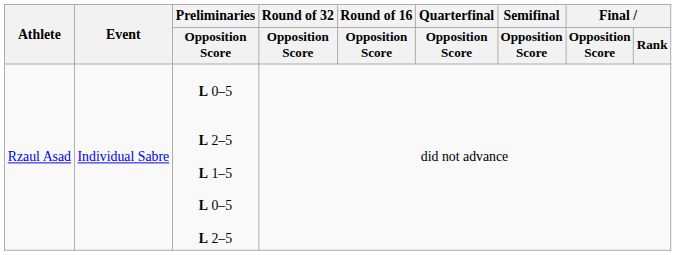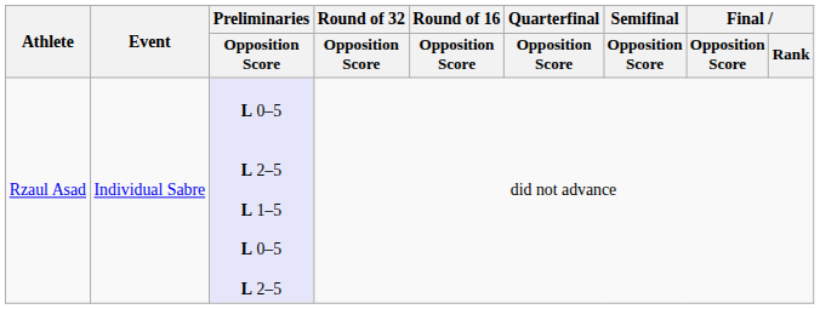 <table class="wikitable" style="font-size:90%">
 <tr>
 <th rowspan="2">Athlete</th>
 <th rowspan="2">Event</th>
 <th>Preliminaries</th>
 <th>Round of 32</th>
 <th>Round of 16</th>
 <th>Quarterfinal</th>
 <th>Semifinal</th>
 <th colspan=2>Final / </th>
 </tr>
 <tr style="font-size:95%">
 <th>Opposition <br> Score</th>
 <th>Opposition <br> Score</th>
 <th>Opposition <br> Score</th>
 <th>Opposition <br> Score</th>
 <th>Opposition <br> Score</th>
 <th>Opposition <br> Score</th>
 <th>Rank</th>
 </tr>
 <tr align=center>
 <td align=left><a href='#'>Rzaul Asad</a></td>
 <td align=left><a href='#'>Individual Sabre</a></td>
-<td> <br><strong>L</strong> 0–5 <br><br> <br><strong>L</strong> 2–5 <br>  <br><strong>L</strong> 1–5 <br>  <br><strong>L</strong> 0–5 <br>  <br><strong>L</strong> 2–5 <br></td>
+<td style="background: lavender;"> <br><strong>L</strong> 0–5 <br><br> <br><strong>L</strong> 2–5 <br>  <br><strong>L</strong> 1–5 <br>  <br><strong>L</strong> 0–5 <br>  <br><strong>L</strong> 2–5 <br></td>
 <td colspan=6>did not advance</td>
 </tr>
 </table>
